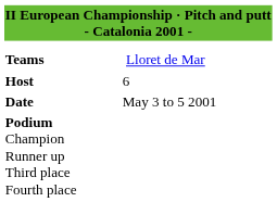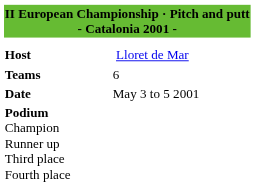 <table class="toccolours" style="float: right; margin: 0 0 1em 1em; font-size: 90%;">
 <tr>
 <td colspan="2" style="background: #66bb33; text-align: center;"><strong>II European Championship · Pitch and putt<br>- Catalonia 2001 -</strong></td>
 </tr>
 <tr>
 <td colspan="2" style="text-align: center;"></td>
 </tr>
 <tr style="vertical-align:top;">
 <td colspan=2></td>
 </tr>
 <tr style="vertical-align:top;">
-<td><strong>Teams</strong></td>
+<td><strong>Host</strong></td>
 <td> <a href='#'>Lloret de Mar</a></td>
 </tr>
 <tr style="vertical-align:top;">
-<td><strong>Host</strong></td>
+<td><strong>Teams</strong></td>
 <td>6</td>
 </tr>
 <tr style="vertical-align:top;">
 <td><strong>Date</strong></td>
 <td>May 3 to 5 2001</td>
 </tr>
 <tr style="vertical-align:top;">
 <td><strong>Podium</strong><br> Champion<br> Runner up<br> Third place<br>Fourth place</td>
 <td><br><br><br><br></td>
 </tr>
 </table>
